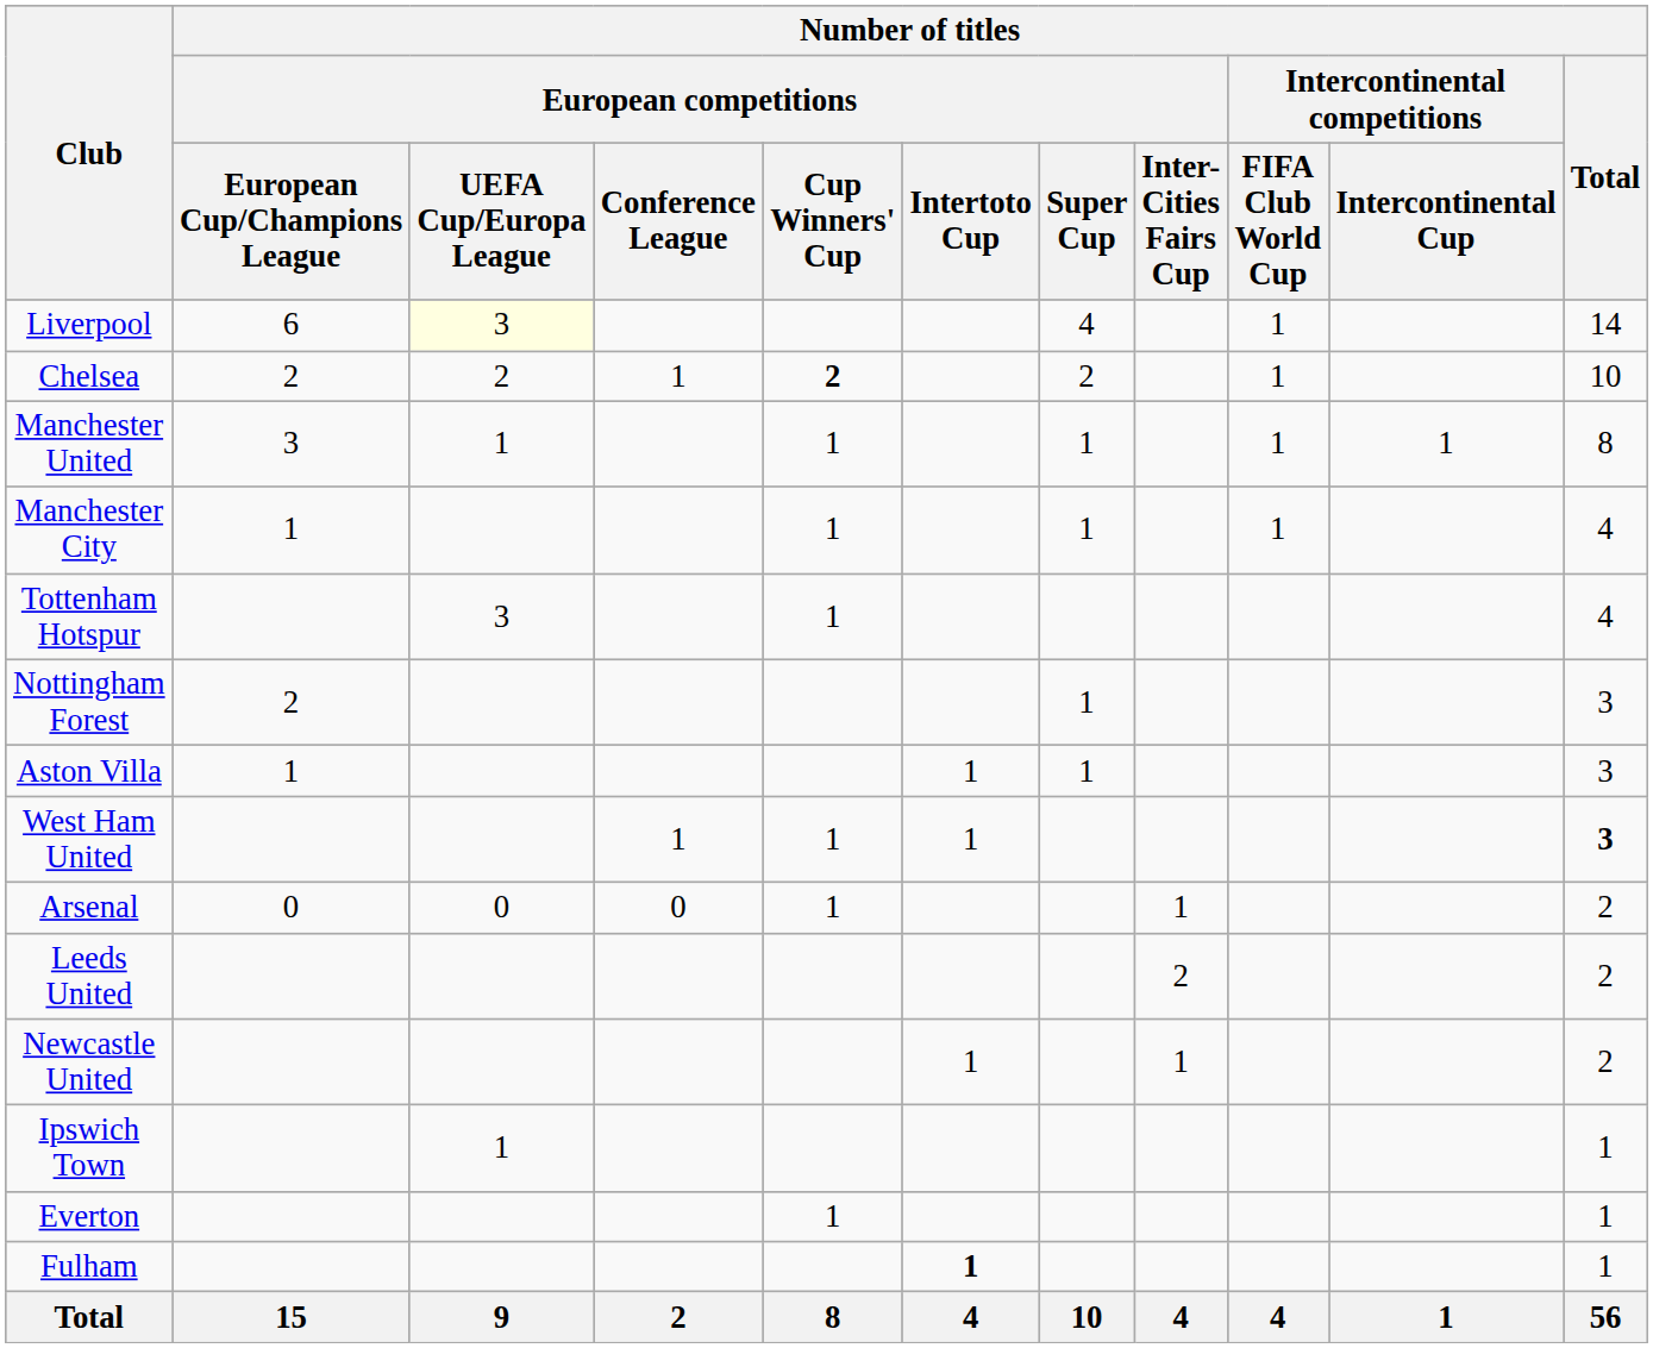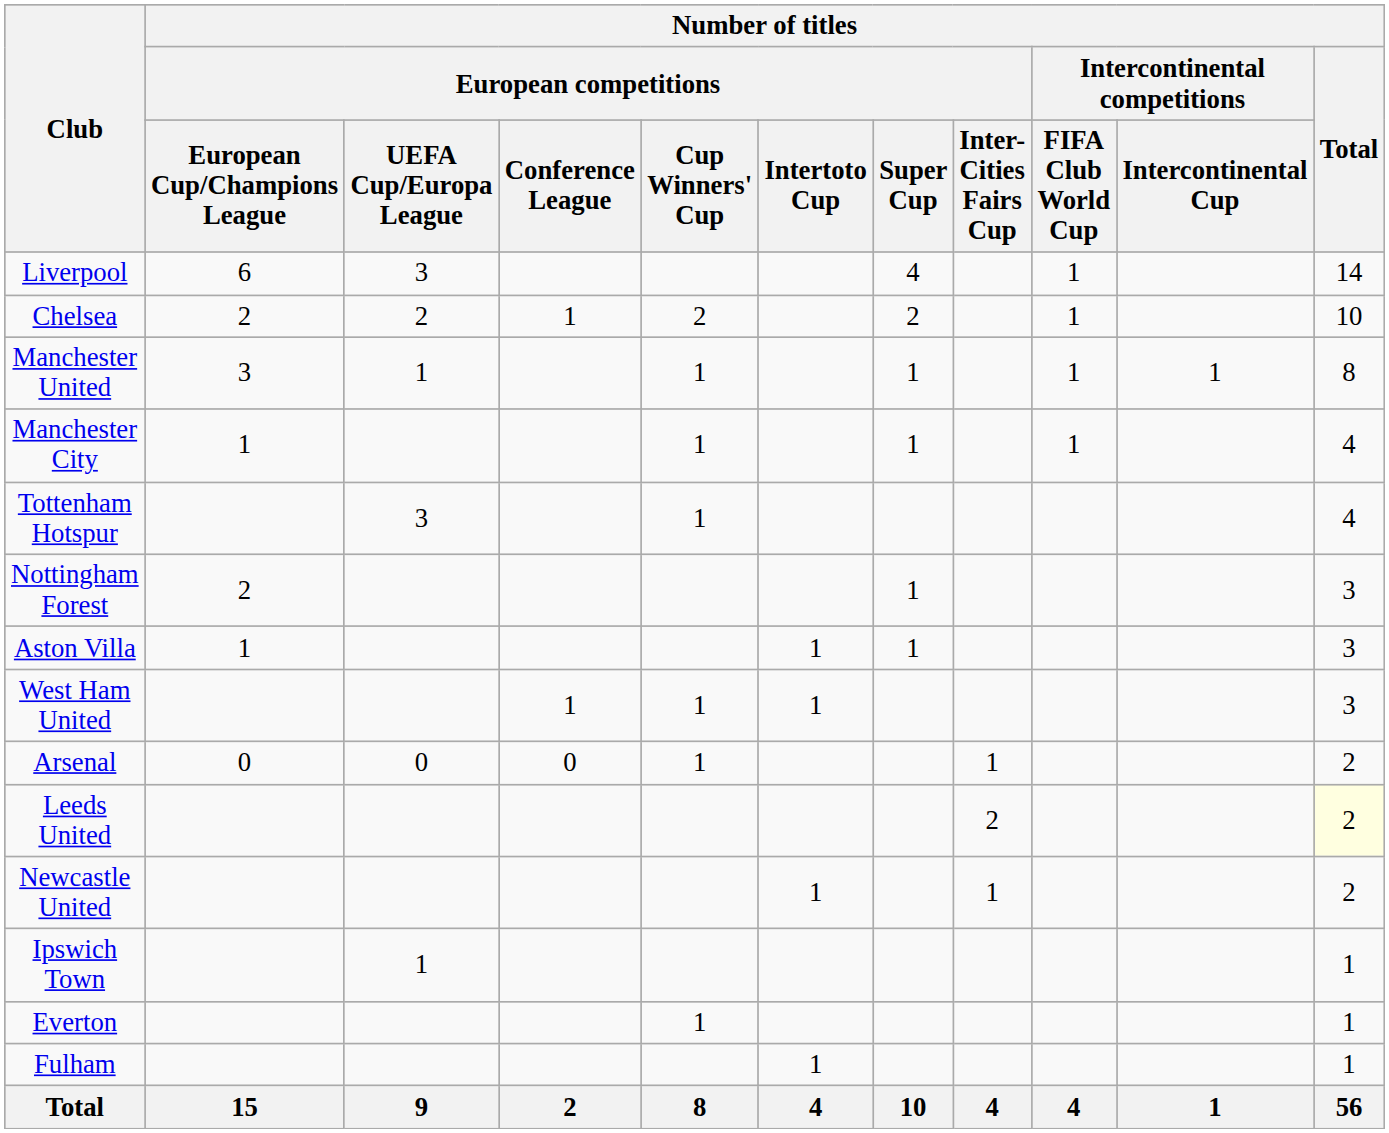 <table class="wikitable">
 <tr>
 <th rowspan=3>Club</th>
 <th colspan=10>Number of titles</th>
 </tr>
 <tr>
 <th colspan=7>European competitions</th>
 <th colspan=2>Intercontinental competitions</th>
 <th rowspan=2>Total</th>
 </tr>
 <tr>
 <th>European Cup/Champions League</th>
 <th>UEFA Cup/Europa League</th>
 <th>Conference League</th>
 <th>Cup Winners' Cup</th>
 <th>Intertoto Cup</th>
 <th>Super Cup</th>
 <th>Inter-Cities Fairs Cup</th>
 <th>FIFA Club World Cup</th>
 <th>Intercontinental Cup</th>
 </tr>
 <tr align=center>
 <td><a href='#'>Liverpool</a></td>
 <td>6</td>
-<td style="background: lightyellow;">3</td>
+<td>3</td>
 <td></td>
 <td></td>
 <td></td>
 <td>4</td>
 <td></td>
 <td>1</td>
 <td></td>
 <td>14</td>
 </tr>
 <tr align=center>
 <td><a href='#'>Chelsea</a></td>
 <td>2</td>
 <td>2</td>
 <td>1</td>
-<td><strong>2</strong></td>
+<td>2</td>
 <td></td>
 <td>2</td>
 <td></td>
 <td>1</td>
 <td></td>
 <td>10</td>
 </tr>
 <tr align=center>
 <td><a href='#'>Manchester United</a></td>
 <td>3</td>
 <td>1</td>
 <td></td>
 <td>1</td>
 <td></td>
 <td>1</td>
 <td></td>
 <td>1</td>
 <td>1</td>
 <td>8</td>
 </tr>
 <tr align="center">
 <td><a href='#'>Manchester City</a></td>
 <td>1</td>
 <td></td>
 <td></td>
 <td>1</td>
 <td></td>
 <td>1</td>
 <td></td>
 <td>1</td>
 <td></td>
 <td>4</td>
 </tr>
 <tr align="center">
 <td><a href='#'>Tottenham Hotspur</a></td>
 <td></td>
 <td>3</td>
 <td></td>
 <td>1</td>
 <td></td>
 <td></td>
 <td></td>
 <td></td>
 <td></td>
 <td>4</td>
 </tr>
 <tr align=center>
 <td><a href='#'>Nottingham Forest</a></td>
 <td>2</td>
 <td></td>
 <td></td>
 <td></td>
 <td></td>
 <td>1</td>
 <td></td>
 <td></td>
 <td></td>
 <td>3</td>
 </tr>
 <tr align=center>
 <td><a href='#'>Aston Villa</a></td>
 <td>1</td>
 <td></td>
 <td></td>
 <td></td>
 <td>1</td>
 <td>1</td>
 <td></td>
 <td></td>
 <td></td>
 <td>3</td>
 </tr>
 <tr align=center>
 <td><a href='#'>West Ham United</a></td>
 <td></td>
 <td></td>
 <td>1</td>
 <td>1</td>
 <td>1</td>
 <td></td>
 <td></td>
 <td></td>
 <td></td>
-<td><strong>3</strong></td>
+<td>3</td>
 </tr>
 <tr align=center>
 <td><a href='#'>Arsenal</a></td>
 <td>0</td>
 <td>0</td>
 <td>0</td>
 <td>1</td>
 <td></td>
 <td></td>
 <td>1</td>
 <td></td>
 <td></td>
 <td>2</td>
 </tr>
 <tr align=center>
 <td><a href='#'>Leeds United</a></td>
 <td></td>
 <td></td>
 <td></td>
 <td></td>
 <td></td>
 <td></td>
 <td>2</td>
 <td></td>
 <td></td>
-<td>2</td>
+<td style="background: lightyellow;">2</td>
 </tr>
 <tr align=center>
 <td><a href='#'>Newcastle United</a></td>
 <td></td>
 <td></td>
 <td></td>
 <td></td>
 <td>1</td>
 <td></td>
 <td>1</td>
 <td></td>
 <td></td>
 <td>2</td>
 </tr>
 <tr align=center>
 <td><a href='#'>Ipswich Town</a></td>
 <td></td>
 <td>1</td>
 <td></td>
 <td></td>
 <td></td>
 <td></td>
 <td></td>
 <td></td>
 <td></td>
 <td>1</td>
 </tr>
 <tr align=center>
 <td><a href='#'>Everton</a></td>
 <td></td>
 <td></td>
 <td></td>
 <td>1</td>
 <td></td>
 <td></td>
 <td></td>
 <td></td>
 <td></td>
 <td>1</td>
 </tr>
 <tr align=center>
 <td><a href='#'>Fulham</a></td>
 <td></td>
 <td></td>
 <td></td>
 <td></td>
-<td><strong>1</strong></td>
+<td>1</td>
 <td></td>
 <td></td>
 <td></td>
 <td></td>
 <td>1</td>
 </tr>
 <tr>
 <th>Total</th>
 <th>15</th>
 <th>9</th>
 <th>2</th>
 <th>8</th>
 <th>4</th>
 <th>10</th>
 <th>4</th>
 <th>4</th>
 <th>1</th>
 <th>56</th>
 </tr>
 </table>
